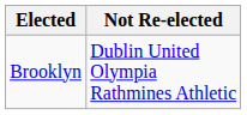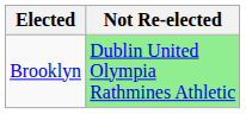 <table class="wikitable">
 <tr>
 <th>Elected</th>
 <th>Not Re-elected</th>
 </tr>
 <tr>
 <td><a href='#'>Brooklyn</a></td>
-<td><a href='#'>Dublin United</a><br><a href='#'>Olympia</a><br><a href='#'>Rathmines Athletic</a></td>
+<td style="background: lightgreen;"><a href='#'>Dublin United</a><br><a href='#'>Olympia</a><br><a href='#'>Rathmines Athletic</a></td>
 </tr>
 </table>
